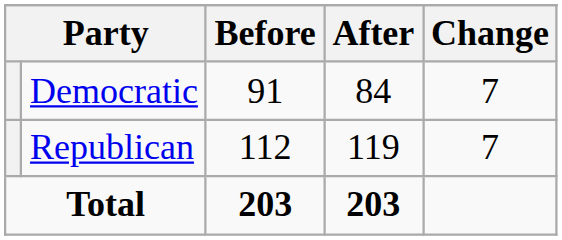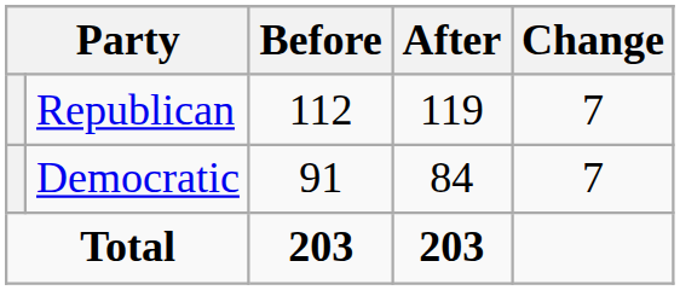 <table class="wikitable" style="text-align:center;">
 <tr>
 </tr>
 <tr>
 <th colspan=2>Party</th>
 <th>Before</th>
 <th>After</th>
 <th>Change</th>
 </tr>
 <tr>
 <th style="background-color:"></th>
-<td style="text-align:left;"><a href='#'>Democratic</a></td>
-<td>91</td>
-<td>84</td>
+<td style="text-align:left;"><a href='#'>Republican</a></td>
+<td>112</td>
+<td>119</td>
 <td> 7</td>
 </tr>
 <tr>
 <th style="background-color:"></th>
-<td style="text-align:left;"><a href='#'>Republican</a></td>
-<td>112</td>
-<td>119</td>
+<td style="text-align:left;"><a href='#'>Democratic</a></td>
+<td>91</td>
+<td>84</td>
 <td> 7</td>
 </tr>
 <tr>
 <td colspan=2><strong>Total</strong></td>
 <td><strong>203</strong></td>
 <td><strong>203</strong></td>
 <td></td>
 </tr>
 </table>
